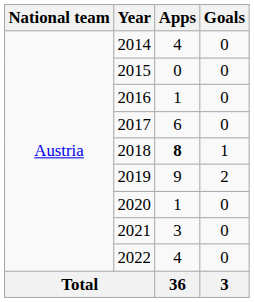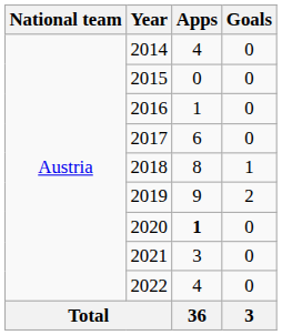 <table class="wikitable" style="text-align:center">
 <tr>
 <th>National team</th>
 <th>Year</th>
 <th>Apps</th>
 <th>Goals</th>
 </tr>
 <tr>
 <td rowspan="9"><a href='#'>Austria</a></td>
 <td>2014</td>
 <td>4</td>
 <td>0</td>
 </tr>
 <tr>
 <td>2015</td>
 <td>0</td>
 <td>0</td>
 </tr>
 <tr>
 <td>2016</td>
 <td>1</td>
 <td>0</td>
 </tr>
 <tr>
 <td>2017</td>
 <td>6</td>
 <td>0</td>
 </tr>
 <tr>
 <td>2018</td>
-<td><strong>8</strong></td>
+<td>8</td>
 <td>1</td>
 </tr>
 <tr>
 <td>2019</td>
 <td>9</td>
 <td>2</td>
 </tr>
 <tr>
 <td>2020</td>
-<td>1</td>
+<td><strong>1</strong></td>
 <td>0</td>
 </tr>
 <tr>
 <td>2021</td>
 <td>3</td>
 <td>0</td>
 </tr>
 <tr>
 <td>2022</td>
 <td>4</td>
 <td>0</td>
 </tr>
 <tr>
 <th colspan="2">Total</th>
 <th>36</th>
 <th>3</th>
 </tr>
 </table>
